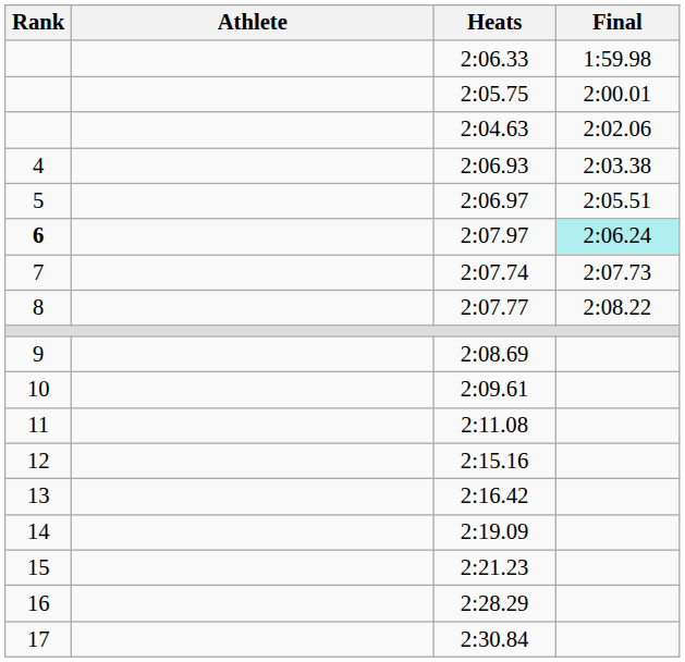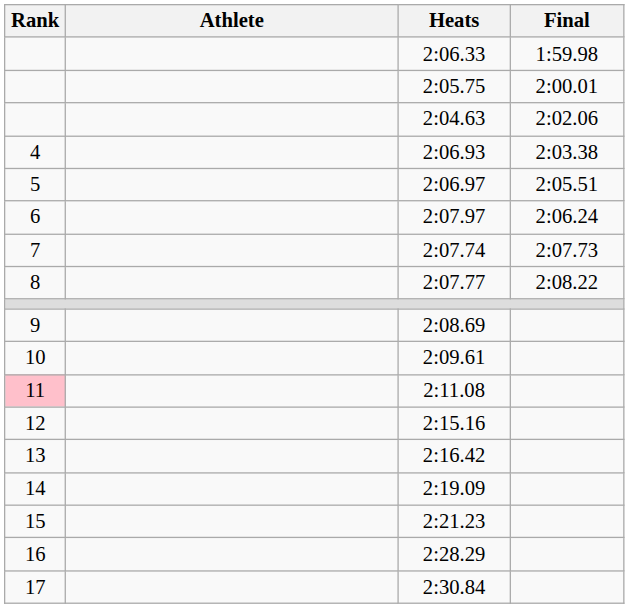 <table class=wikitable style="text-align:center">
 <tr>
 <th width=40>Rank</th>
 <th width=250>Athlete</th>
 <th width=80>Heats</th>
 <th width=80>Final</th>
 </tr>
 <tr>
 <td></td>
 <td align=left></td>
 <td>2:06.33</td>
 <td>1:59.98</td>
 </tr>
 <tr>
 <td></td>
 <td align=left></td>
 <td>2:05.75</td>
 <td>2:00.01</td>
 </tr>
 <tr>
 <td></td>
 <td align=left></td>
 <td>2:04.63</td>
 <td>2:02.06</td>
 </tr>
 <tr>
 <td>4</td>
 <td align=left></td>
 <td>2:06.93</td>
 <td>2:03.38</td>
 </tr>
 <tr>
 <td>5</td>
 <td align=left></td>
 <td>2:06.97</td>
 <td>2:05.51</td>
 </tr>
 <tr>
-<td><strong>6</strong></td>
+<td>6</td>
 <td align=left></td>
 <td>2:07.97</td>
-<td style="background: paleturquoise;">2:06.24</td>
+<td>2:06.24</td>
 </tr>
 <tr>
 <td>7</td>
 <td align=left></td>
 <td>2:07.74</td>
 <td>2:07.73</td>
 </tr>
 <tr>
 <td>8</td>
 <td align=left></td>
 <td>2:07.77</td>
 <td>2:08.22</td>
 </tr>
 <tr bgcolor=#DDDDDD>
 <td colspan=4></td>
 </tr>
 <tr>
 <td>9</td>
 <td align=left></td>
 <td>2:08.69</td>
 <td></td>
 </tr>
 <tr>
 <td>10</td>
 <td align=left></td>
 <td>2:09.61</td>
 <td></td>
 </tr>
 <tr>
-<td>11</td>
+<td style="background: pink;">11</td>
 <td align=left></td>
 <td>2:11.08</td>
 <td></td>
 </tr>
 <tr>
 <td>12</td>
 <td align=left></td>
 <td>2:15.16</td>
 <td></td>
 </tr>
 <tr>
 <td>13</td>
 <td align=left></td>
 <td>2:16.42</td>
 <td></td>
 </tr>
 <tr>
 <td>14</td>
 <td align=left></td>
 <td>2:19.09</td>
 <td></td>
 </tr>
 <tr>
 <td>15</td>
 <td align=left></td>
 <td>2:21.23</td>
 <td></td>
 </tr>
 <tr>
 <td>16</td>
 <td align=left></td>
 <td>2:28.29</td>
 <td></td>
 </tr>
 <tr>
 <td>17</td>
 <td align=left></td>
 <td>2:30.84</td>
 <td></td>
 </tr>
 </table>
